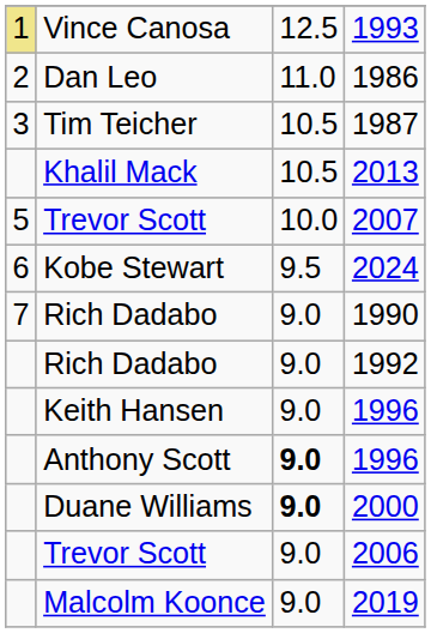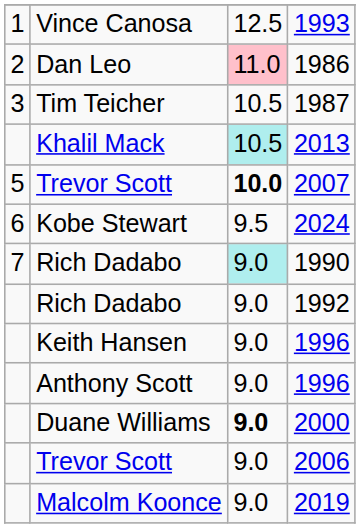 <table class="wikitable">
 <tr>
 </tr>
 <tr>
-<td style="background: khaki;">1</td>
+<td>1</td>
 <td>Vince Canosa</td>
 <td>12.5</td>
 <td><a href='#'>1993</a></td>
 </tr>
 <tr>
 <td>2</td>
 <td>Dan Leo</td>
-<td>11.0</td>
+<td style="background: pink;">11.0</td>
 <td>1986</td>
 </tr>
 <tr>
 <td>3</td>
 <td>Tim Teicher</td>
 <td>10.5</td>
 <td>1987</td>
 </tr>
 <tr>
 <td></td>
 <td><a href='#'>Khalil Mack</a></td>
-<td>10.5</td>
+<td style="background: paleturquoise;">10.5</td>
 <td><a href='#'>2013</a></td>
 </tr>
 <tr>
 <td>5</td>
 <td><a href='#'>Trevor Scott</a></td>
-<td>10.0</td>
+<td><strong>10.0</strong></td>
 <td><a href='#'>2007</a></td>
 </tr>
 <tr>
 <td>6</td>
 <td>Kobe Stewart</td>
 <td>9.5</td>
 <td><a href='#'>2024</a></td>
 </tr>
 <tr>
 <td>7</td>
 <td>Rich Dadabo</td>
-<td>9.0</td>
+<td style="background: paleturquoise;">9.0</td>
 <td>1990</td>
 </tr>
 <tr>
 <td></td>
 <td>Rich Dadabo</td>
 <td>9.0</td>
 <td>1992</td>
 </tr>
 <tr>
 <td></td>
 <td>Keith Hansen</td>
 <td>9.0</td>
 <td><a href='#'>1996</a></td>
 </tr>
 <tr>
 <td></td>
 <td>Anthony Scott</td>
-<td><strong>9.0</strong></td>
+<td>9.0</td>
 <td><a href='#'>1996</a></td>
 </tr>
 <tr>
 <td></td>
 <td>Duane Williams</td>
 <td><strong>9.0</strong></td>
 <td><a href='#'>2000</a></td>
 </tr>
 <tr>
 <td></td>
 <td><a href='#'>Trevor Scott</a></td>
 <td>9.0</td>
 <td><a href='#'>2006</a></td>
 </tr>
 <tr>
 <td></td>
 <td><a href='#'>Malcolm Koonce</a></td>
 <td>9.0</td>
 <td><a href='#'>2019</a></td>
 </tr>
 </table>
